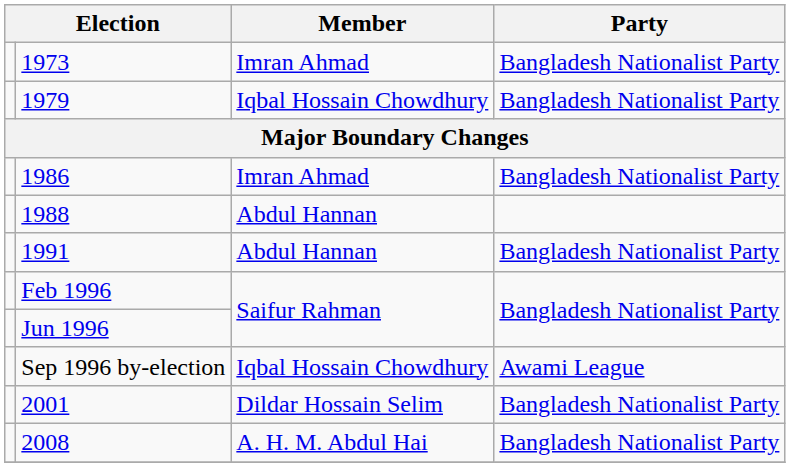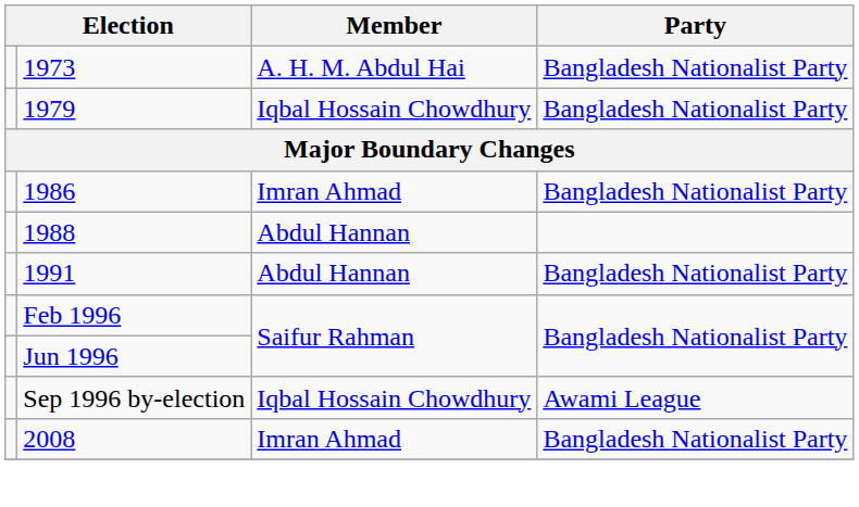 <table class="wikitable">
 <tr>
 <th colspan="2">Election</th>
 <th>Member</th>
 <th>Party</th>
 </tr>
 <tr>
 <td style="background-color:"></td>
 <td><a href='#'>1973</a></td>
-<td><a href='#'>Imran Ahmad</a></td>
+<td><a href='#'>A. H. M. Abdul Hai</a></td>
 <td><a href='#'>Bangladesh Nationalist Party</a></td>
 </tr>
 <tr>
 <td style="background-color:"></td>
 <td><a href='#'>1979</a></td>
 <td><a href='#'>Iqbal Hossain Chowdhury</a></td>
 <td><a href='#'>Bangladesh Nationalist Party</a></td>
 </tr>
 <tr>
 <th colspan="4">Major Boundary Changes</th>
 </tr>
 <tr>
 <td style="background-color:"></td>
 <td><a href='#'>1986</a></td>
 <td><a href='#'>Imran Ahmad</a></td>
 <td><a href='#'>Bangladesh Nationalist Party</a></td>
 </tr>
 <tr>
 <td></td>
 <td><a href='#'>1988</a></td>
 <td><a href='#'>Abdul Hannan</a></td>
 <td></td>
 </tr>
 <tr>
 <td style="background-color:"></td>
 <td><a href='#'>1991</a></td>
 <td><a href='#'>Abdul Hannan</a></td>
 <td><a href='#'>Bangladesh Nationalist Party</a></td>
 </tr>
 <tr>
 <td style="background-color:"></td>
 <td><a href='#'>Feb 1996</a></td>
 <td rowspan="2"><a href='#'>Saifur Rahman</a></td>
 <td rowspan="2"><a href='#'>Bangladesh Nationalist Party</a></td>
 </tr>
 <tr>
 <td style="background-color:"></td>
 <td><a href='#'>Jun 1996</a></td>
 </tr>
 <tr>
 <td style="background-color:"></td>
 <td>Sep 1996 by-election</td>
 <td><a href='#'>Iqbal Hossain Chowdhury</a></td>
 <td><a href='#'>Awami League</a></td>
 </tr>
 <tr>
 <td style="background-color:"></td>
-<td><a href='#'>2001</a></td>
-<td><a href='#'>Dildar Hossain Selim</a></td>
-<td><a href='#'>Bangladesh Nationalist Party</a></td>
-</tr>
-<tr>
-<td style="background-color:"></td>
 <td><a href='#'>2008</a></td>
-<td><a href='#'>A. H. M. Abdul Hai</a></td>
+<td><a href='#'>Imran Ahmad</a></td>
 <td><a href='#'>Bangladesh Nationalist Party</a></td>
 </tr>
 <tr>
 </tr>
 </table>
